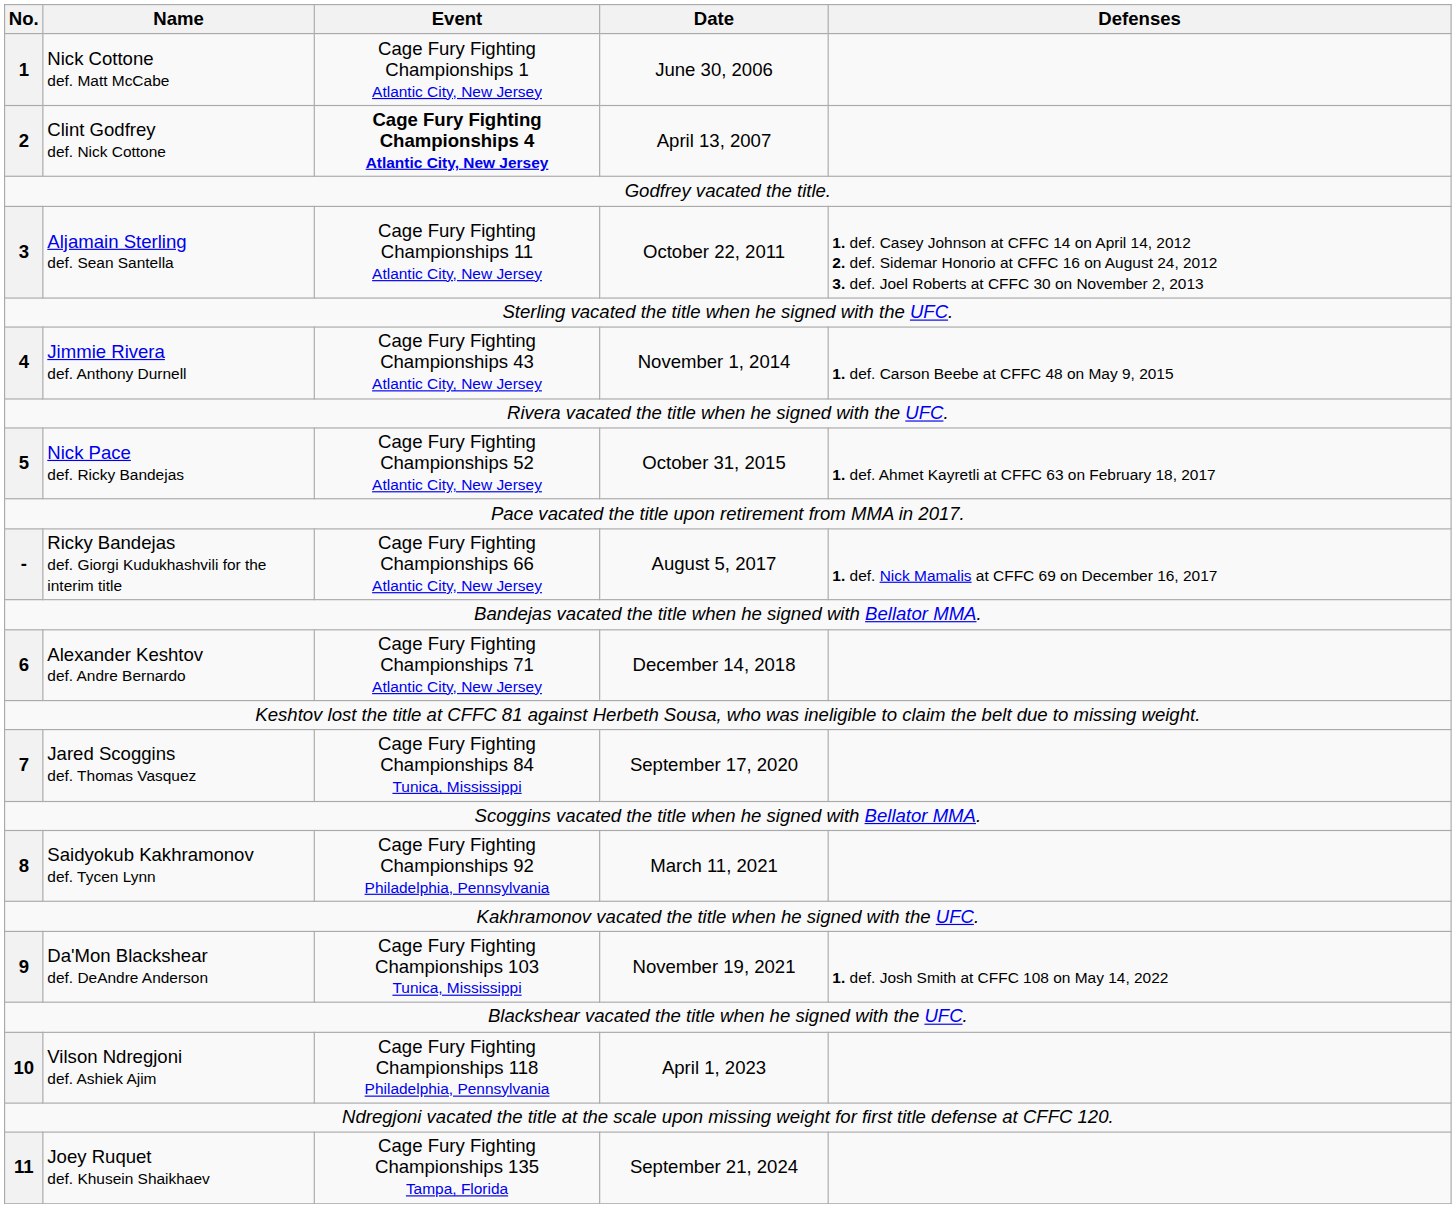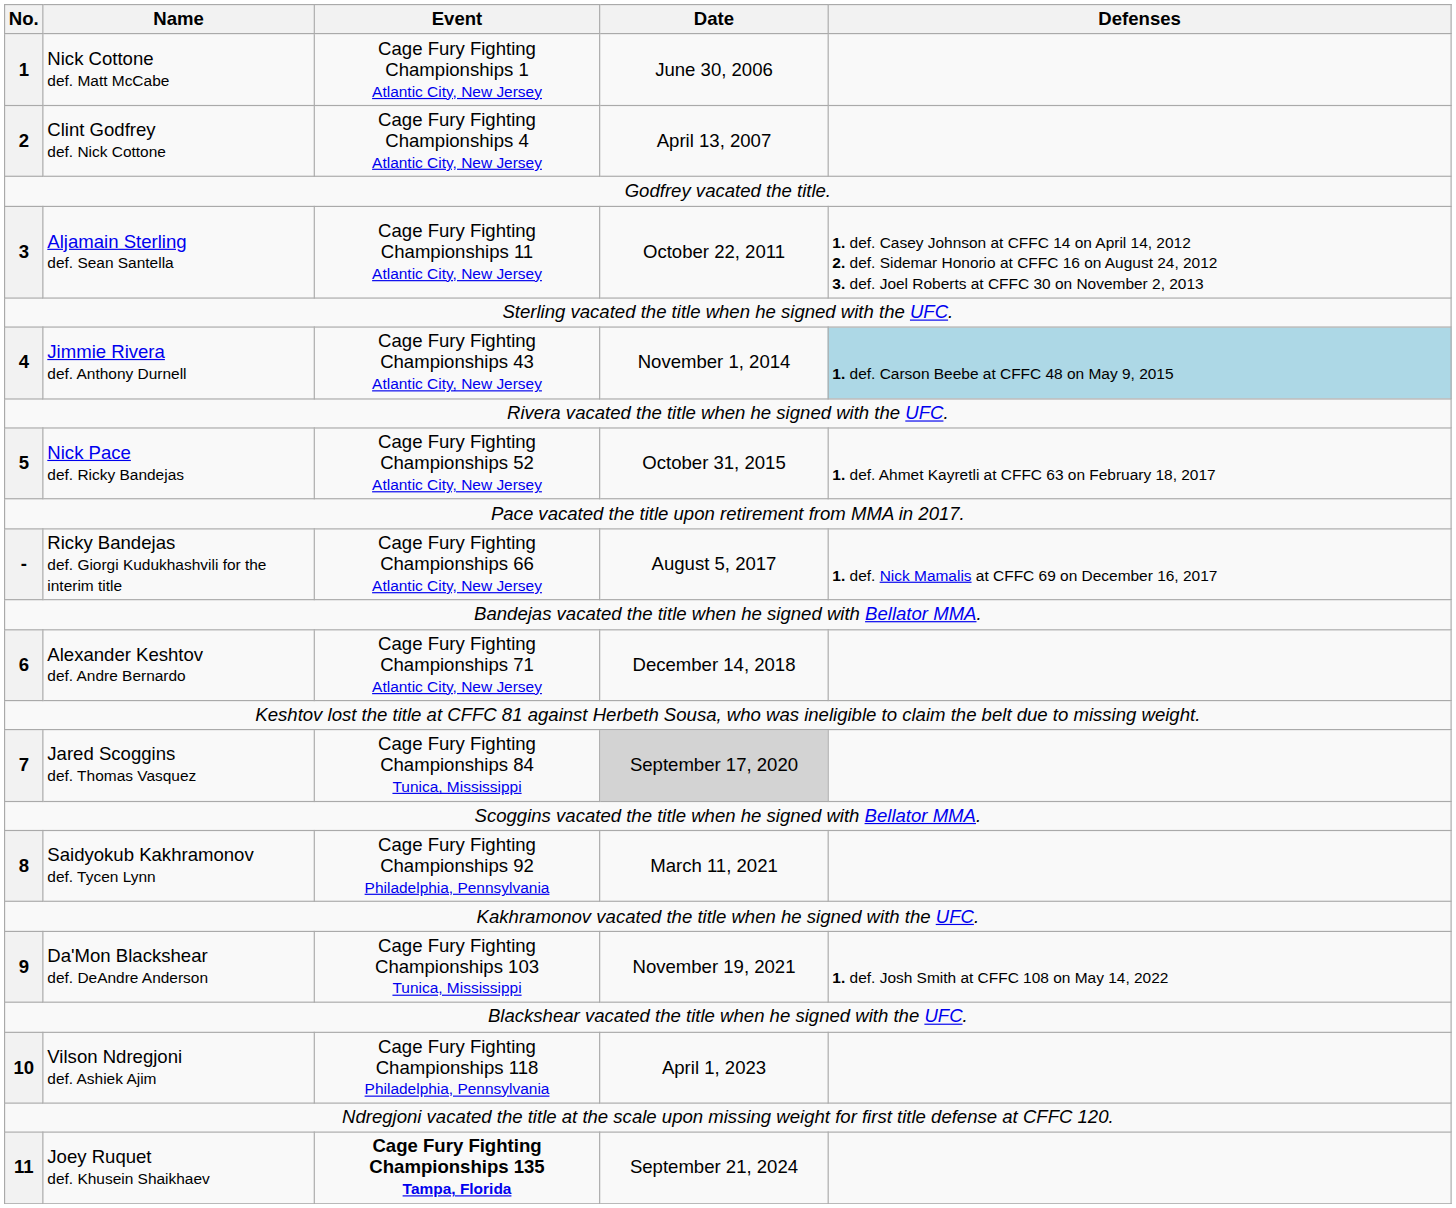 <table class="wikitable">
 <tr>
 <th width=1%>No.</th>
 <th width=19%>Name</th>
 <th width=20%>Event</th>
 <th width=16%>Date</th>
 <th width=44%>Defenses</th>
 </tr>
 <tr>
 <th>1</th>
 <td style="text-align:left"> Nick Cottone<br><small>def. Matt McCabe</small></td>
 <td style="text-align:center">Cage Fury Fighting Championships 1<br><small><a href='#'>Atlantic City, New Jersey</a></small></td>
 <td style="text-align:center">June 30, 2006</td>
 <td></td>
 </tr>
 <tr>
 <th>2</th>
 <td style="text-align:left"> Clint Godfrey<br><small> def. Nick Cottone</small></td>
-<td style="text-align:center"><strong>Cage Fury Fighting Championships 4<br><small><a href='#'>Atlantic City, New Jersey</a></small></strong></td>
+<td style="text-align:center">Cage Fury Fighting Championships 4<br><small><a href='#'>Atlantic City, New Jersey</a></small></td>
 <td style="text-align:center">April 13, 2007</td>
 <td></td>
 </tr>
 <tr>
 <td style="text-align:center" colspan="5"><em>Godfrey vacated the title.</em></td>
 </tr>
 <tr>
 <th>3</th>
 <td style="text-align:left"> <a href='#'>Aljamain Sterling</a><br><small>def. Sean Santella</small></td>
 <td style="text-align:center">Cage Fury Fighting Championships 11<br><small><a href='#'>Atlantic City, New Jersey</a></small></td>
 <td style="text-align:center">October 22, 2011</td>
 <td><br><small><strong>1.</strong> def. Casey Johnson at CFFC 14 on April 14, 2012<br> <strong>2.</strong> def. Sidemar Honorio at CFFC 16 on August 24, 2012<br> <strong>3.</strong> def. Joel Roberts at CFFC 30 on November 2, 2013</small></td>
 </tr>
 <tr>
 <td style="text-align:center" colspan="5"><em>Sterling vacated the title when he signed with the <a href='#'>UFC</a>.</em></td>
 </tr>
 <tr>
 <th>4</th>
 <td style="text-align:left"> <a href='#'>Jimmie Rivera</a><br><small>def. Anthony Durnell</small></td>
 <td style="text-align:center">Cage Fury Fighting Championships 43<br><small><a href='#'>Atlantic City, New Jersey</a></small></td>
 <td style="text-align:center">November 1, 2014</td>
-<td><br><small><strong>1.</strong> def. Carson Beebe at CFFC 48 on May 9, 2015</small></td>
+<td style="background: lightblue;"><br><small><strong>1.</strong> def. Carson Beebe at CFFC 48 on May 9, 2015</small></td>
 </tr>
 <tr>
 <td style="text-align:center" colspan="5"><em>Rivera vacated the title when he signed with the <a href='#'>UFC</a>.</em></td>
 </tr>
 <tr>
 <th>5</th>
 <td style="text-align:left"> <a href='#'>Nick Pace</a><br><small>def. Ricky Bandejas</small></td>
 <td style="text-align:center">Cage Fury Fighting Championships 52<br><small><a href='#'>Atlantic City, New Jersey</a></small></td>
 <td style="text-align:center">October 31, 2015</td>
 <td><br><small><strong>1.</strong> def. Ahmet Kayretli at CFFC 63 on February 18, 2017</small></td>
 </tr>
 <tr>
 <td style="text-align:center" colspan="5"><em>Pace vacated the title upon retirement from MMA in 2017.</em></td>
 </tr>
 <tr>
 <th>-</th>
 <td style="text-align:left"> Ricky Bandejas<br><small>def. Giorgi Kudukhashvili for the interim title</small></td>
 <td style="text-align:center">Cage Fury Fighting Championships 66<br><small><a href='#'>Atlantic City, New Jersey</a></small></td>
 <td style="text-align:center">August 5, 2017</td>
 <td><br><small><strong>1.</strong> def. <a href='#'>Nick Mamalis</a> at CFFC 69 on December 16, 2017</small></td>
 </tr>
 <tr>
 <td style="text-align:center" colspan="5"><em>Bandejas vacated the title when he signed with <a href='#'>Bellator MMA</a>.</em></td>
 </tr>
 <tr>
 <th>6</th>
 <td style="text-align:left"> Alexander Keshtov<br><small>def. Andre Bernardo</small></td>
 <td style="text-align:center">Cage Fury Fighting Championships 71<br><small><a href='#'>Atlantic City, New Jersey</a></small></td>
 <td style="text-align:center">December 14, 2018</td>
 <td></td>
 </tr>
 <tr>
 <td style="text-align:center" colspan="5"><em>Keshtov lost the title at CFFC 81 against Herbeth Sousa, who was ineligible to claim the belt due to missing weight.</em></td>
 </tr>
 <tr>
 <th>7</th>
 <td style="text-align:left"> Jared Scoggins<br><small>def. Thomas Vasquez</small></td>
 <td style="text-align:center">Cage Fury Fighting Championships 84<br><small><a href='#'>Tunica, Mississippi</a></small></td>
-<td style="text-align:center">September 17, 2020</td>
+<td style="background: lightgrey; text-align:center">September 17, 2020</td>
 <td></td>
 </tr>
 <tr>
 <td style="text-align:center" colspan="5"><em>Scoggins vacated the title when he signed with <a href='#'>Bellator MMA</a>.</em></td>
 </tr>
 <tr>
 <th>8</th>
 <td style="text-align:left"> Saidyokub Kakhramonov<br><small>def. Tycen Lynn</small></td>
 <td style="text-align:center">Cage Fury Fighting Championships 92<br><small><a href='#'>Philadelphia, Pennsylvania</a></small></td>
 <td style="text-align:center">March 11, 2021</td>
 <td></td>
 </tr>
 <tr>
 <td style="text-align:center" colspan="5"><em>Kakhramonov vacated the title when he signed with the <a href='#'>UFC</a>.</em></td>
 </tr>
 <tr>
 <th>9</th>
 <td style="text-align:left"> Da'Mon Blackshear<br><small>def. DeAndre Anderson</small></td>
 <td style="text-align:center">Cage Fury Fighting Championships 103<br><small><a href='#'>Tunica, Mississippi</a></small></td>
 <td style="text-align:center">November 19, 2021</td>
 <td><br><small><strong>1.</strong> def. Josh Smith at CFFC 108 on May 14, 2022</small></td>
 </tr>
 <tr>
 <td style="text-align:center" colspan="5"><em>Blackshear vacated the title when he signed with the <a href='#'>UFC</a>.</em></td>
 </tr>
 <tr>
 <th>10</th>
 <td style="text-align:left"> Vilson Ndregjoni<br><small>def. Ashiek Ajim</small></td>
 <td style="text-align:center">Cage Fury Fighting Championships 118<br><small><a href='#'>Philadelphia, Pennsylvania</a></small></td>
 <td style="text-align:center">April 1, 2023</td>
 <td></td>
 </tr>
 <tr>
 <td style="text-align:center" colspan="5"><em>Ndregjoni vacated the title at the scale upon missing weight for first title defense at CFFC 120.</em></td>
 </tr>
 <tr>
 <th>11</th>
 <td style="text-align:left"> Joey Ruquet<br><small>def. Khusein Shaikhaev </small></td>
-<td style="text-align:center">Cage Fury Fighting Championships 135<br><small><a href='#'>Tampa, Florida</a></small></td>
+<td style="text-align:center"><strong>Cage Fury Fighting Championships 135<br><small><a href='#'>Tampa, Florida</a></small></strong></td>
 <td style="text-align:center">September 21, 2024</td>
 <td></td>
 </tr>
 <tr>
 </tr>
 </table>
